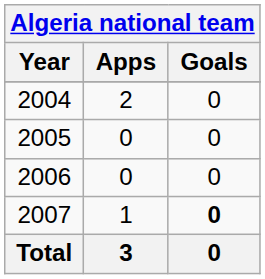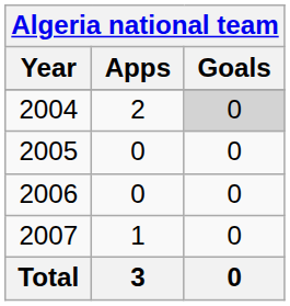 <table class="wikitable" style="text-align:center">
 <tr>
 <th colspan=3><a href='#'>Algeria national team</a></th>
 </tr>
 <tr>
 <th>Year</th>
 <th>Apps</th>
 <th>Goals</th>
 </tr>
 <tr>
 </tr>
 <tr>
 <td>2004</td>
 <td>2</td>
-<td>0</td>
+<td style="background: lightgrey;">0</td>
 </tr>
 <tr>
 <td>2005</td>
 <td>0</td>
 <td>0</td>
 </tr>
 <tr>
 <td>2006</td>
 <td>0</td>
 <td>0</td>
 </tr>
 <tr>
 <td>2007</td>
 <td>1</td>
-<td><strong>0</strong></td>
+<td>0</td>
 </tr>
 <tr>
 <th>Total</th>
 <th>3</th>
 <th>0</th>
 </tr>
 </table>
